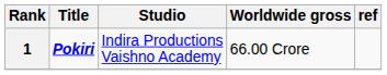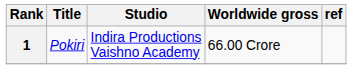 <table class="wikitable sortable"  style="margin:auto; margin:auto;">
 <tr>
 <th>Rank</th>
 <th>Title</th>
 <th>Studio</th>
 <th>Worldwide gross</th>
 <th>ref</th>
 </tr>
 <tr>
 <th style="text-align:center;">1</th>
-<td><strong><em><a href='#'>Pokiri</a></em></strong></td>
+<td><em><a href='#'>Pokiri</a></em></td>
 <td><a href='#'>Indira Productions</a><br><a href='#'>Vaishno Academy</a></td>
 <td>66.00 Crore</td>
 <td></td>
 </tr>
 <tr>
 </tr>
 </table>
